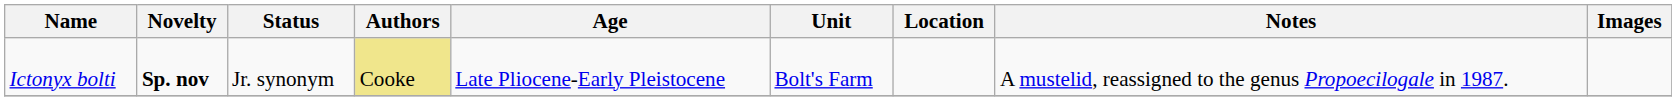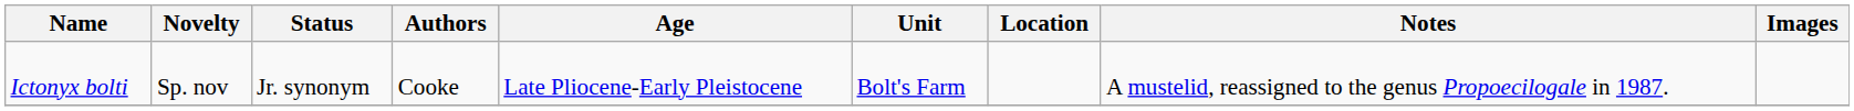 <table class="wikitable sortable" align="center" width="100%">
 <tr>
 <th>Name</th>
 <th>Novelty</th>
 <th>Status</th>
 <th>Authors</th>
 <th>Age</th>
 <th>Unit</th>
 <th>Location</th>
 <th class="unsortable">Notes</th>
 <th class="unsortable">Images</th>
 </tr>
 <tr>
 <td><br><em><a href='#'>Ictonyx bolti</a></em></td>
-<td><strong><br>Sp. nov</strong></td>
+<td><br>Sp. nov</td>
 <td><br>Jr. synonym</td>
-<td style="background: khaki;"><br>Cooke</td>
+<td><br>Cooke</td>
 <td><br><a href='#'>Late Pliocene</a>-<a href='#'>Early Pleistocene</a></td>
 <td><br><a href='#'>Bolt's Farm</a></td>
 <td><br></td>
 <td><br>A <a href='#'>mustelid</a>, reassigned to the genus <em><a href='#'>Propoecilogale</a></em> in <a href='#'>1987</a>.</td>
 <td></td>
 </tr>
 <tr>
 </tr>
 </table>
